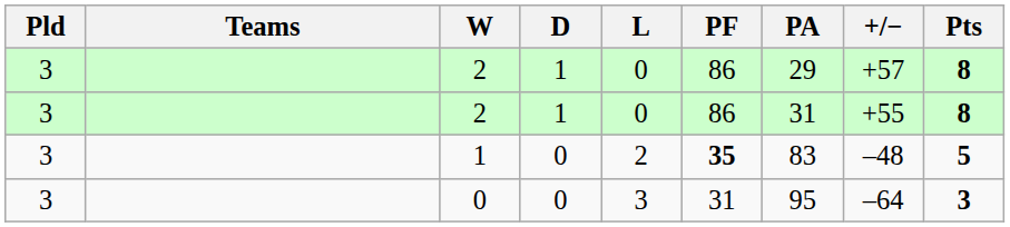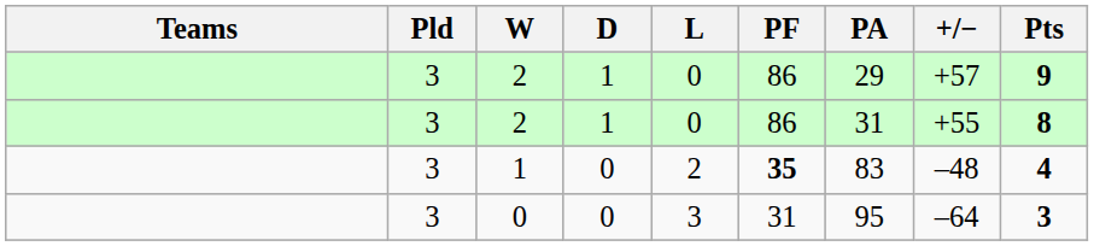 <table class="wikitable" style="text-align: center;">
 <tr>
+<th width="200">Teams</th>
 <th width="40">Pld</th>
-<th width="200">Teams</th>
 <th width="40">W</th>
 <th width="40">D</th>
 <th width="40">L</th>
 <th width="40">PF</th>
 <th width="40">PA</th>
 <th width="40">+/−</th>
 <th width="40">Pts</th>
 </tr>
 <tr bgcolor=ccffcc>
+<td align=left></td>
 <td>3</td>
-<td align=left></td>
 <td>2</td>
 <td>1</td>
 <td>0</td>
 <td>86</td>
 <td>29</td>
 <td>+57</td>
-<td><strong>8</strong></td>
+<td><strong>9</strong></td>
 </tr>
 <tr bgcolor=ccffcc>
+<td align=left></td>
 <td>3</td>
-<td align=left></td>
 <td>2</td>
 <td>1</td>
 <td>0</td>
 <td>86</td>
 <td>31</td>
 <td>+55</td>
 <td><strong>8</strong></td>
 </tr>
 <tr>
+<td align=left></td>
 <td>3</td>
-<td align=left></td>
 <td>1</td>
 <td>0</td>
 <td>2</td>
 <td><strong>35</strong></td>
 <td>83</td>
 <td>–48</td>
-<td><strong>5</strong></td>
+<td><strong>4</strong></td>
 </tr>
 <tr>
+<td align=left></td>
 <td>3</td>
-<td align=left></td>
 <td>0</td>
 <td>0</td>
 <td>3</td>
 <td>31</td>
 <td>95</td>
 <td>–64</td>
 <td><strong>3</strong></td>
 </tr>
 </table>
